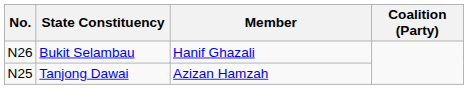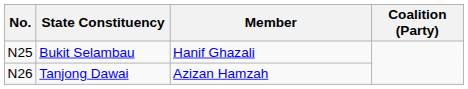 <table class="wikitable">
 <tr>
 <th width="30">No.</th>
 <th width="150">State Constituency</th>
 <th width="230">Member</th>
 <th width="100">Coalition (Party)</th>
 </tr>
 <tr>
-<td>N26</td>
+<td>N25</td>
 <td><a href='#'>Bukit Selambau</a></td>
 <td><a href='#'>Hanif Ghazali</a></td>
 <td rowspan=2></td>
 </tr>
 <tr>
-<td>N25</td>
+<td>N26</td>
 <td><a href='#'>Tanjong Dawai</a></td>
 <td><a href='#'>Azizan Hamzah</a></td>
 </tr>
 </table>
